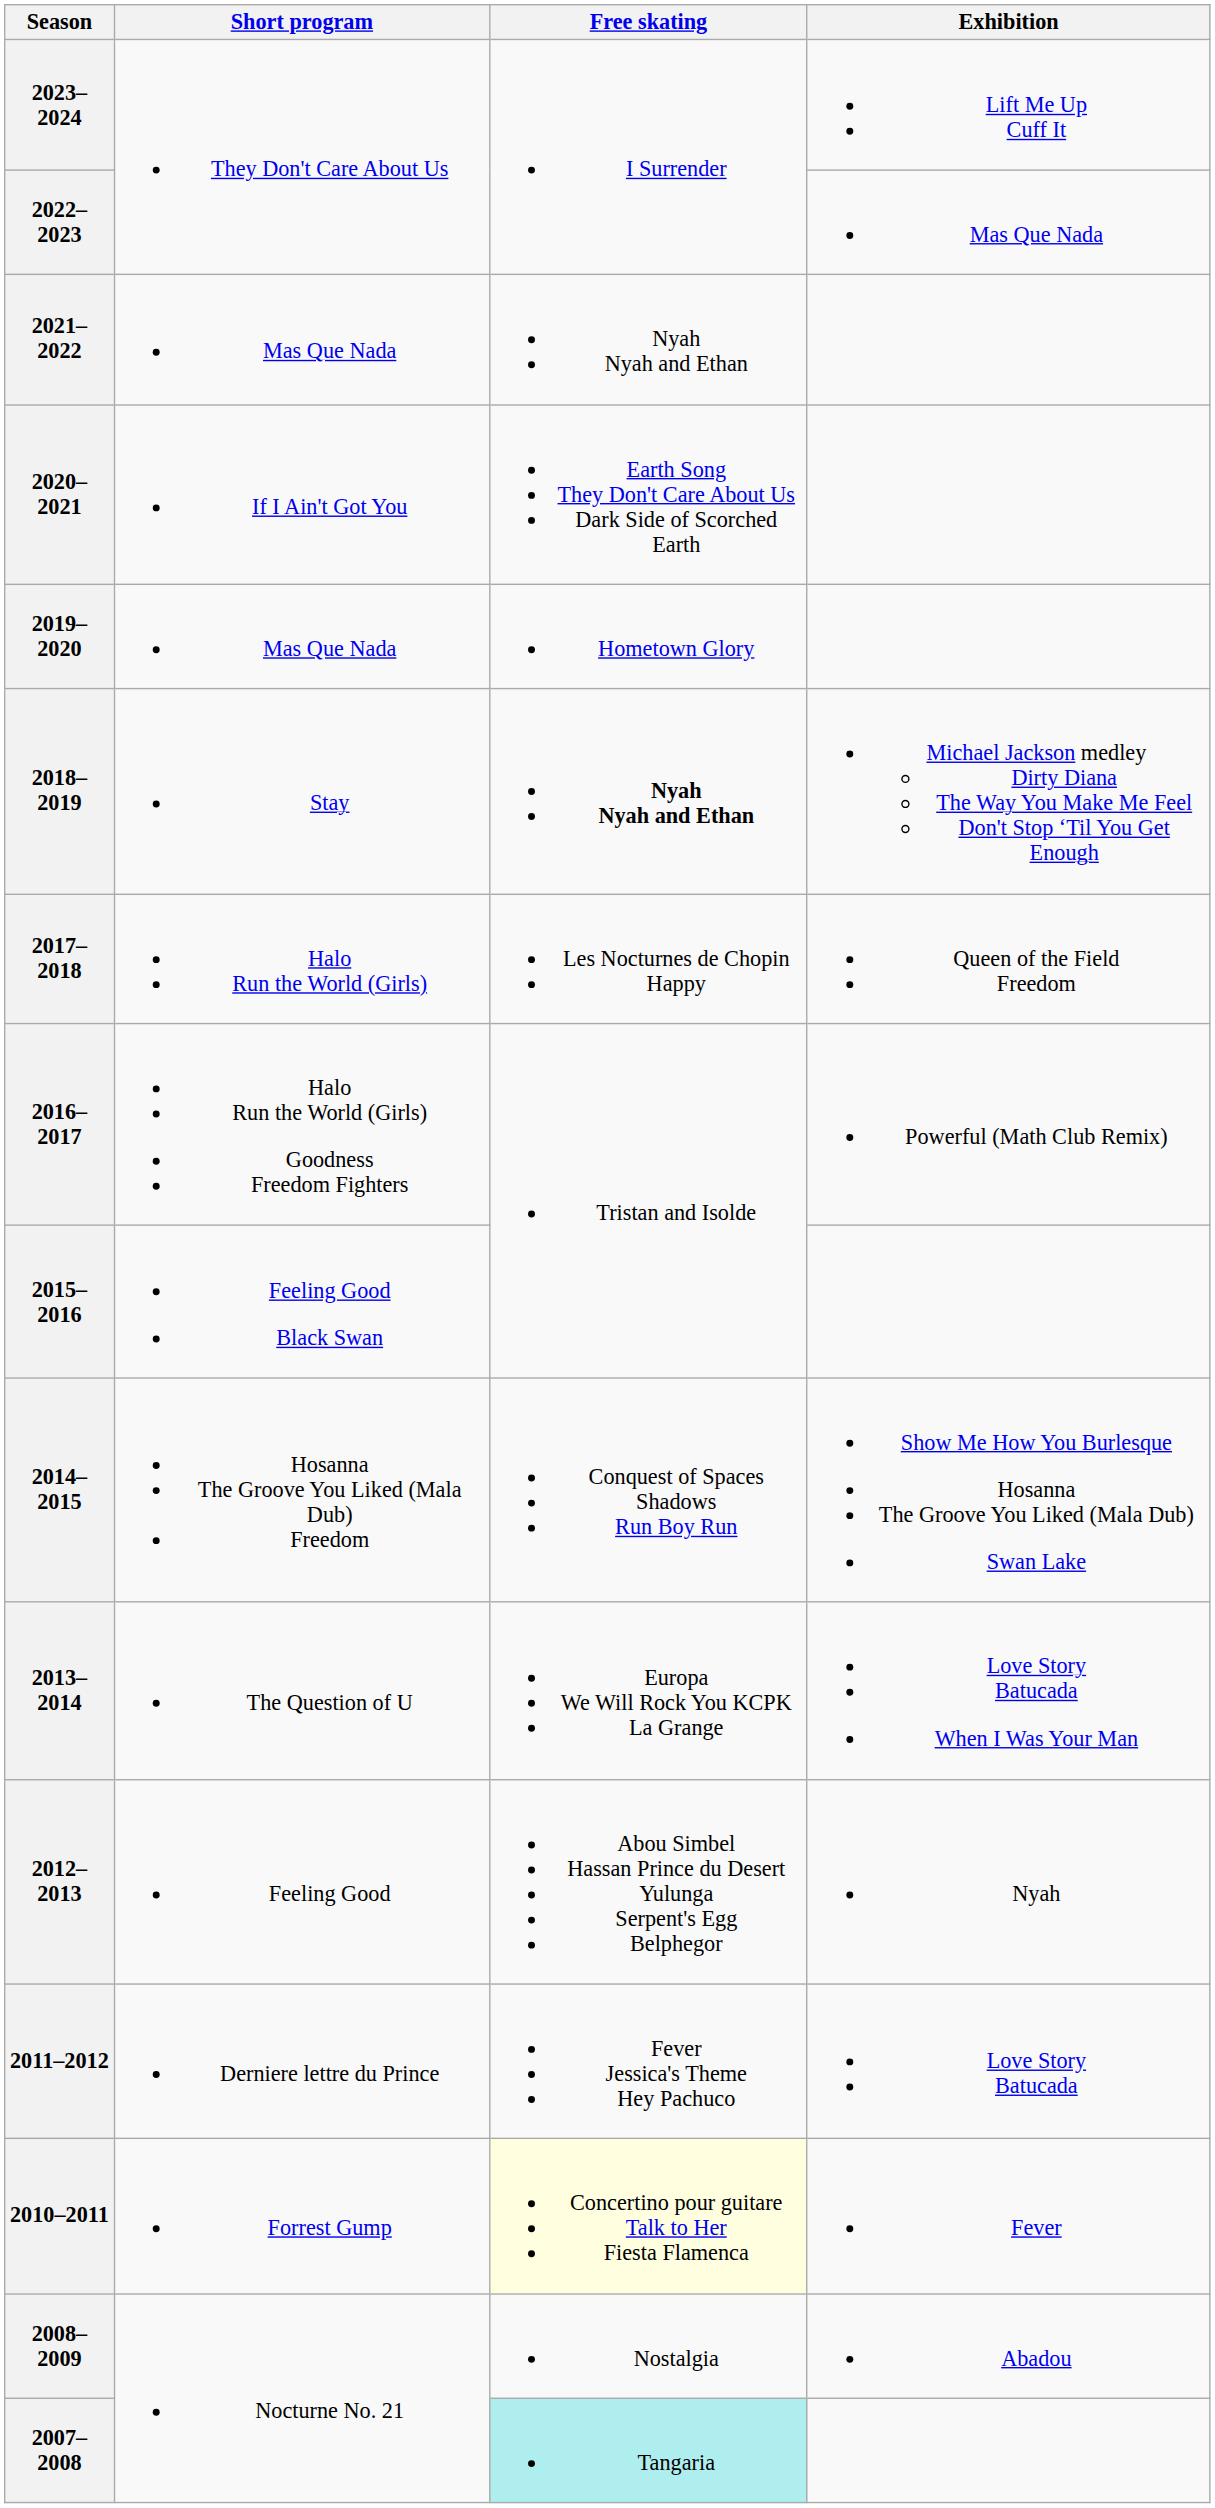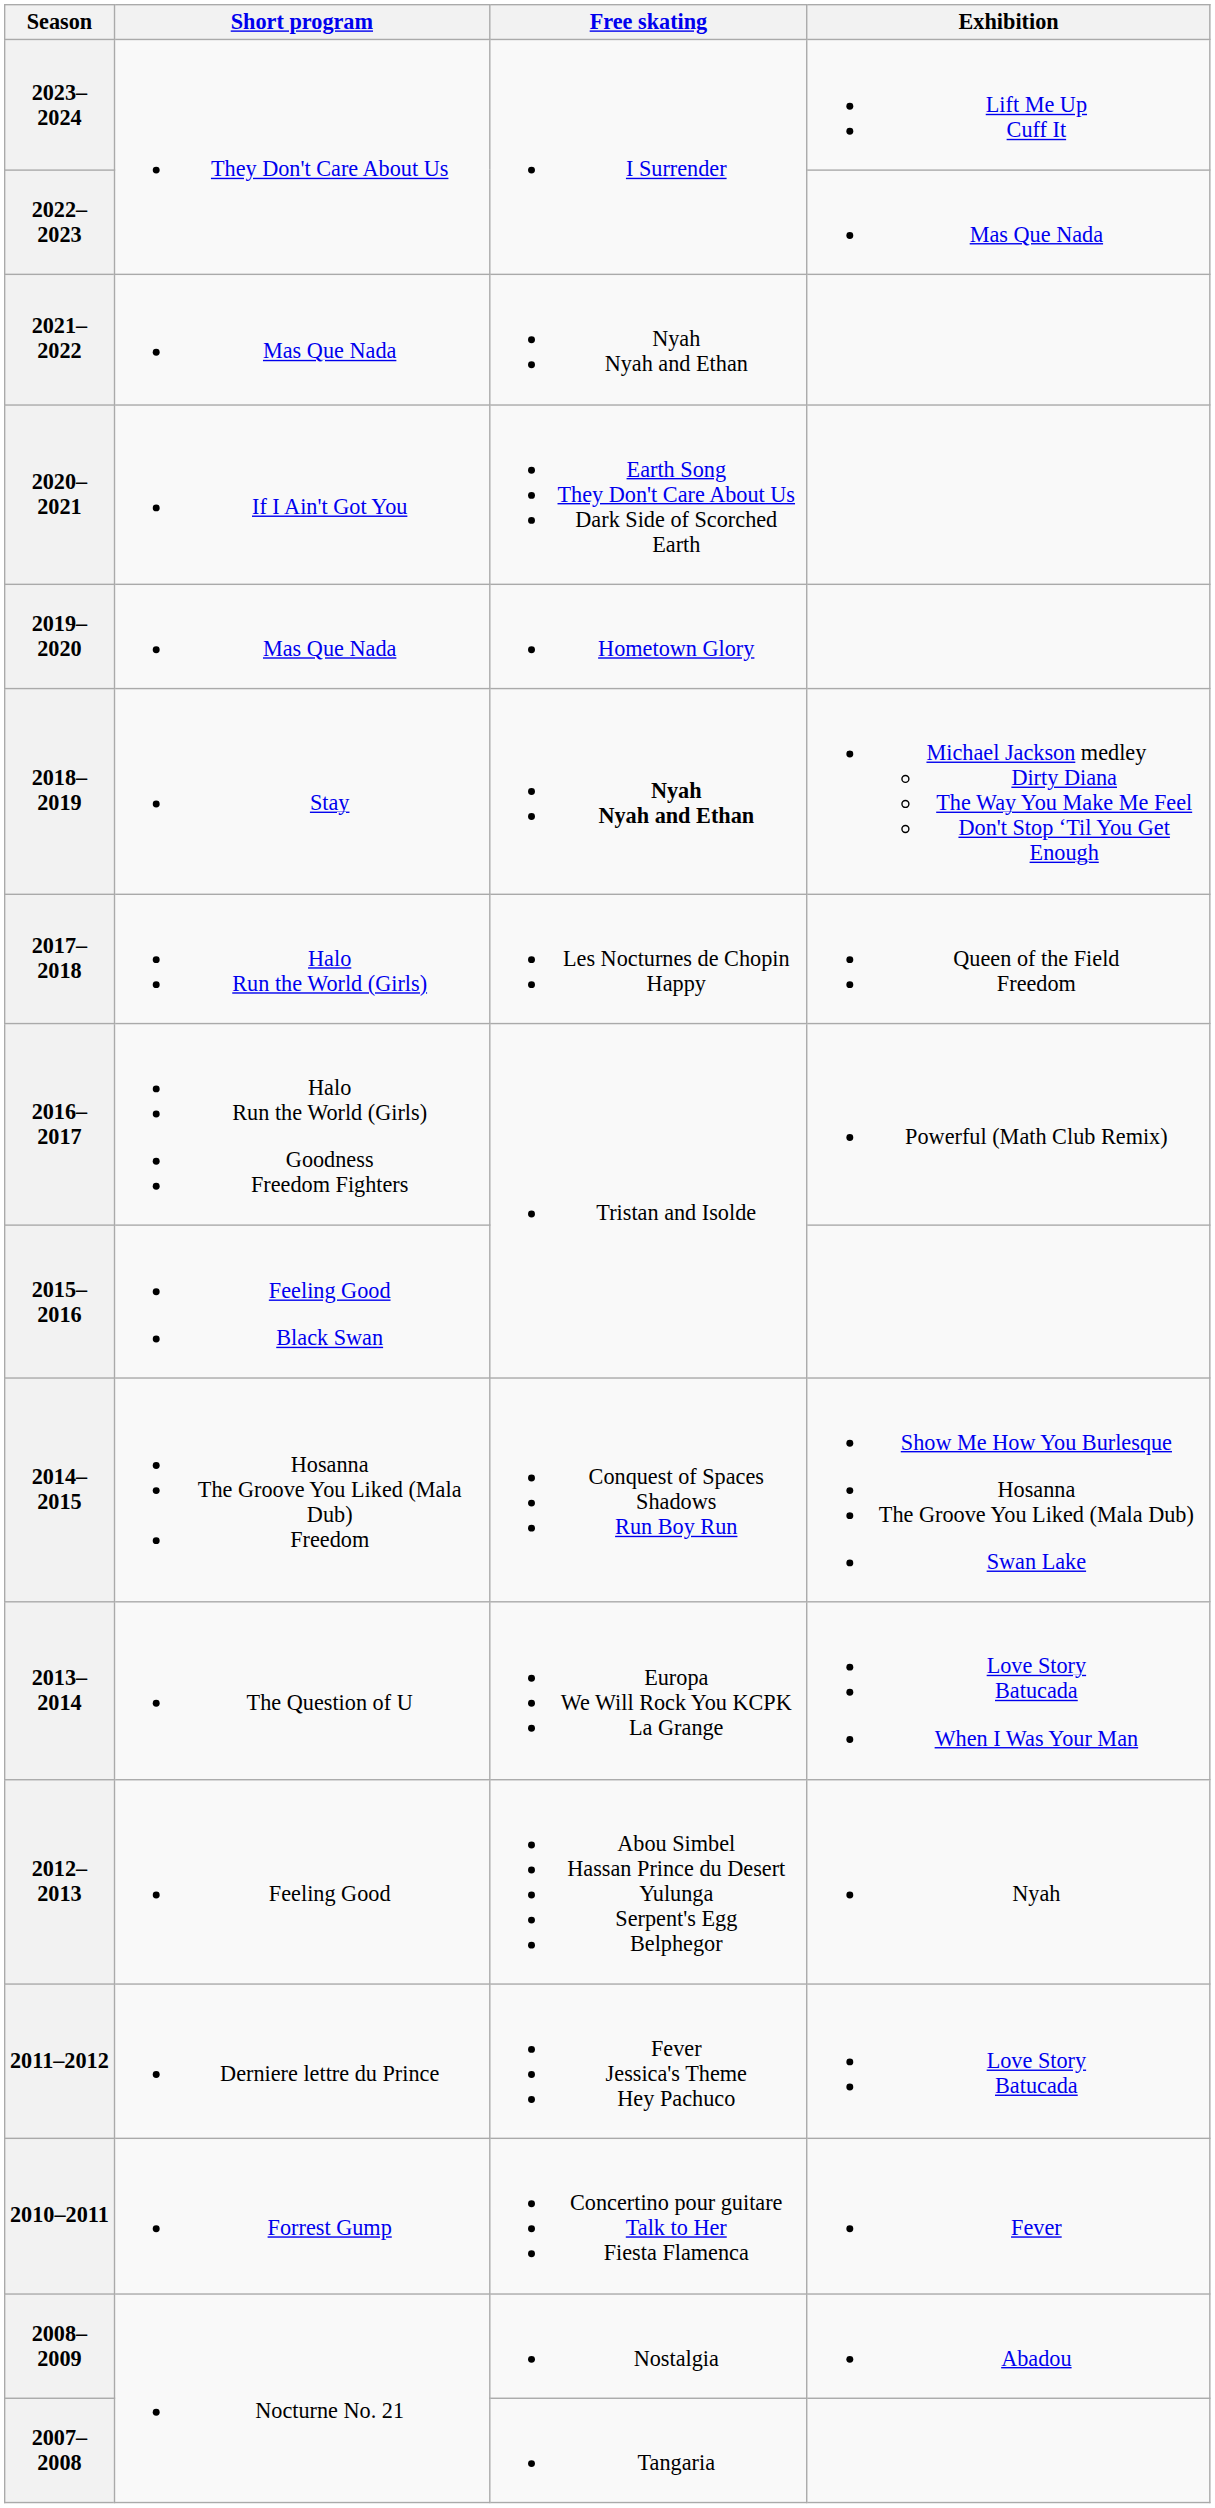 <table class="wikitable" style="text-align:center">
 <tr>
 <th>Season</th>
 <th><a href='#'>Short program</a></th>
 <th><a href='#'>Free skating</a></th>
 <th>Exhibition</th>
 </tr>
 <tr>
 <th>2023–2024 <br> </th>
 <td rowspan=2><br><ul><li><a href='#'>They Don't Care About Us</a> <br></li></ul></td>
 <td rowspan=2><br><ul><li><a href='#'>I Surrender</a> <br></li></ul></td>
 <td><br><ul><li><a href='#'>Lift Me Up</a> <br></li><li><a href='#'>Cuff It</a> <br></li></ul></td>
 </tr>
 <tr>
 <th>2022–2023 <br> </th>
 <td><br><ul><li><a href='#'>Mas Que Nada</a> <br></li></ul></td>
 </tr>
 <tr>
 <th>2021–2022 <br> </th>
 <td><br><ul><li><a href='#'>Mas Que Nada</a> <br></li></ul></td>
 <td><br><ul><li>Nyah <br></li><li>Nyah and Ethan <br></li></ul></td>
 <td></td>
 </tr>
 <tr>
 <th>2020–2021 <br> </th>
 <td><br><ul><li><a href='#'>If I Ain't Got You</a> <br></li></ul></td>
 <td><br><ul><li><a href='#'>Earth Song</a></li><li><a href='#'>They Don't Care About Us</a> <br></li><li>Dark Side of Scorched Earth <br></li></ul></td>
 <td></td>
 </tr>
 <tr>
 <th>2019–2020 <br></th>
 <td><br><ul><li><a href='#'>Mas Que Nada</a> <br></li></ul></td>
 <td><br><ul><li><a href='#'>Hometown Glory</a> <br></li></ul></td>
 <td></td>
 </tr>
 <tr>
 <th>2018–2019 <br></th>
 <td><br><ul><li><a href='#'>Stay</a> <br></li></ul></td>
 <td><strong><br><ul><li>Nyah <br></li><li>Nyah and Ethan <br></li></ul></strong></td>
 <td><br><ul><li><a href='#'>Michael Jackson</a> medley<ul><li><a href='#'>Dirty Diana</a></li><li><a href='#'>The Way You Make Me Feel</a></li><li><a href='#'>Don't Stop ‘Til You Get Enough</a></li></ul></li></ul></td>
 </tr>
 <tr>
 <th>2017–2018 <br></th>
 <td><br><ul><li><a href='#'>Halo</a> <br></li><li><a href='#'>Run the World (Girls)</a> <br></li></ul></td>
 <td><br><ul><li>Les Nocturnes de Chopin</li><li>Happy <br></li></ul></td>
 <td><br><ul><li>Queen of the Field <br></li><li>Freedom</li></ul></td>
 </tr>
 <tr>
 <th>2016–2017 <br></th>
 <td><br><ul><li>Halo <br></li><li>Run the World (Girls) <br></li></ul><ul><li>Goodness <br></li><li>Freedom Fighters <br></li></ul></td>
 <td rowspan=2><br><ul><li>Tristan and Isolde <br></li></ul></td>
 <td><br><ul><li>Powerful (Math Club Remix) <br></li></ul></td>
 </tr>
 <tr>
 <th>2015–2016 <br></th>
 <td><br><ul><li><a href='#'>Feeling Good</a> <br></li></ul><ul><li><a href='#'>Black Swan</a> <br></li></ul></td>
 <td></td>
 </tr>
 <tr>
 <th>2014–2015 <br> </th>
 <td><br><ul><li>Hosanna <br></li><li>The Groove You Liked (Mala Dub) <br></li><li>Freedom</li></ul></td>
 <td><br><ul><li>Conquest of Spaces</li><li>Shadows</li><li><a href='#'>Run Boy Run</a> <br></li></ul></td>
 <td><br><ul><li><a href='#'>Show Me How You Burlesque</a> <br></li></ul><ul><li>Hosanna <br></li><li>The Groove You Liked (Mala Dub) <br></li></ul><ul><li><a href='#'>Swan Lake</a> <br></li></ul></td>
 </tr>
 <tr>
 <th>2013–2014 <br> </th>
 <td><br><ul><li>The Question of U <br></li></ul></td>
 <td><br><ul><li>Europa <br></li><li>We Will Rock You KCPK</li><li>La Grange <br></li></ul></td>
 <td><br><ul><li><a href='#'>Love Story</a> <br></li><li><a href='#'>Batucada</a></li></ul><ul><li><a href='#'>When I Was Your Man</a> <br></li></ul></td>
 </tr>
 <tr>
 <th>2012–2013 <br> </th>
 <td><br><ul><li>Feeling Good <br></li></ul></td>
 <td><br><ul><li>Abou Simbel</li><li>Hassan Prince du Desert <br></li><li>Yulunga</li><li>Serpent's Egg <br></li><li>Belphegor <br></li></ul></td>
 <td><br><ul><li>Nyah <br></li></ul></td>
 </tr>
 <tr>
 <th>2011–2012 <br> </th>
 <td><br><ul><li>Derniere lettre du Prince <br></li></ul></td>
 <td><br><ul><li>Fever</li><li>Jessica's Theme <br></li><li>Hey Pachuco <br></li></ul></td>
 <td><br><ul><li><a href='#'>Love Story</a> <br></li><li><a href='#'>Batucada</a></li></ul></td>
 </tr>
 <tr>
 <th>2010–2011 <br> </th>
 <td><br><ul><li><a href='#'>Forrest Gump</a> <br></li></ul></td>
-<td style="background: lightyellow;"><br><ul><li>Concertino pour guitare <br></li><li><a href='#'>Talk to Her</a></li><li>Fiesta Flamenca</li></ul></td>
+<td><br><ul><li>Concertino pour guitare <br></li><li><a href='#'>Talk to Her</a></li><li>Fiesta Flamenca</li></ul></td>
 <td><br><ul><li><a href='#'>Fever</a> <br></li></ul></td>
 </tr>
 <tr>
 <th>2008–2009 <br> </th>
 <td rowspan=2><br><ul><li>Nocturne No. 21 <br></li></ul></td>
 <td><br><ul><li>Nostalgia <br></li></ul></td>
 <td><br><ul><li><a href='#'>Abadou</a> <br></li></ul></td>
 </tr>
 <tr>
 <th>2007–2008</th>
-<td style="background: paleturquoise;"><br><ul><li>Tangaria <br></li></ul></td>
+<td><br><ul><li>Tangaria <br></li></ul></td>
 <td></td>
 </tr>
 </table>
